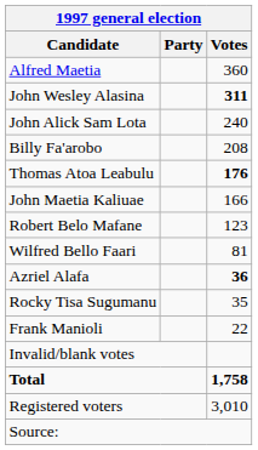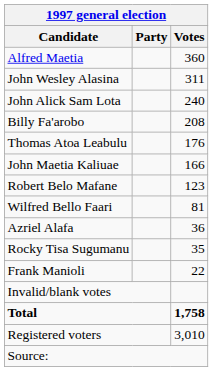 <table class=wikitable style=text-align:left>
 <tr>
 <th colspan=3><a href='#'>1997 general election</a></th>
 </tr>
 <tr>
 <th>Candidate</th>
 <th>Party</th>
 <th>Votes</th>
 </tr>
 <tr>
 <td><a href='#'>Alfred Maetia</a></td>
 <td></td>
 <td align=right>360</td>
 </tr>
 <tr>
 <td>John Wesley Alasina</td>
 <td></td>
-<td align=right><strong>311</strong></td>
+<td align=right>311</td>
 </tr>
 <tr>
 <td>John Alick Sam Lota</td>
 <td></td>
 <td align=right>240</td>
 </tr>
 <tr>
 <td>Billy Fa'arobo</td>
 <td></td>
 <td align=right>208</td>
 </tr>
 <tr>
 <td>Thomas Atoa Leabulu</td>
 <td></td>
-<td align=right><strong>176</strong></td>
+<td align=right>176</td>
 </tr>
 <tr>
 <td>John Maetia Kaliuae</td>
 <td></td>
 <td align=right>166</td>
 </tr>
 <tr>
 <td>Robert Belo Mafane</td>
 <td></td>
 <td align=right>123</td>
 </tr>
 <tr>
 <td>Wilfred Bello Faari</td>
 <td></td>
 <td align=right>81</td>
 </tr>
 <tr>
 <td>Azriel Alafa</td>
 <td></td>
-<td align=right><strong>36</strong></td>
+<td align=right>36</td>
 </tr>
 <tr>
 <td>Rocky Tisa Sugumanu</td>
 <td></td>
 <td align=right>35</td>
 </tr>
 <tr>
 <td>Frank Manioli</td>
 <td></td>
 <td align=right>22</td>
 </tr>
 <tr>
 <td colspan=2>Invalid/blank votes</td>
 <td></td>
 </tr>
 <tr>
 <td colspan=2><strong>Total</strong></td>
 <td align=right><strong>1,758</strong></td>
 </tr>
 <tr>
 <td colspan=2>Registered voters</td>
 <td align=right>3,010</td>
 </tr>
 <tr>
 <td colspan=3>Source: </td>
 </tr>
 </table>
